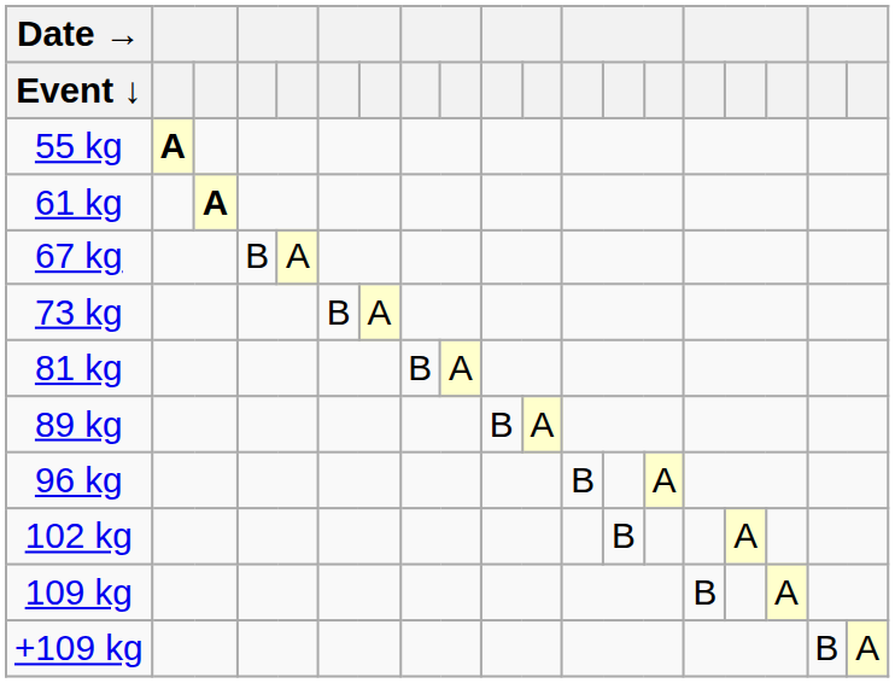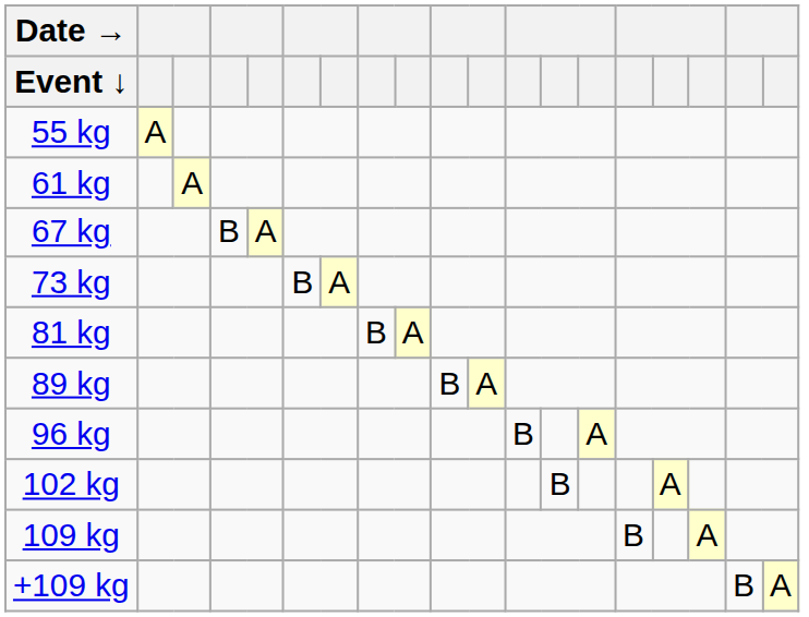 <table class="wikitable" style="text-align:center; font-size:92%">
 <tr>
 <th>Date →</th>
 <th colspan=2></th>
 <th colspan=2></th>
 <th colspan=2></th>
 <th colspan=2></th>
 <th colspan=2></th>
 <th colspan=3></th>
 <th colspan=3></th>
 <th colspan=2></th>
 </tr>
 <tr>
 <th>Event ↓</th>
 <th></th>
 <th></th>
 <th></th>
 <th></th>
 <th></th>
 <th></th>
 <th></th>
 <th></th>
 <th></th>
 <th></th>
 <th></th>
 <th></th>
 <th></th>
 <th></th>
 <th></th>
 <th></th>
 <th></th>
 <th></th>
 </tr>
 <tr>
 <td><a href='#'>55 kg</a></td>
-<td style="background-color:#ffffcc;"><strong>A</strong></td>
+<td style="background-color:#ffffcc;">A</td>
 <td></td>
 <td colspan=2></td>
 <td colspan=2></td>
 <td colspan=2></td>
 <td colspan=2></td>
 <td colspan=3></td>
 <td colspan=3></td>
 <td colspan=2></td>
 </tr>
 <tr>
 <td><a href='#'>61 kg</a></td>
 <td></td>
-<td style="background-color:#ffffcc;"><strong>A</strong></td>
+<td style="background-color:#ffffcc;">A</td>
 <td colspan=2></td>
 <td colspan=2></td>
 <td colspan=2></td>
 <td colspan=2></td>
 <td colspan=3></td>
 <td colspan=3></td>
 <td colspan=2></td>
 </tr>
 <tr>
 <td><a href='#'>67 kg</a></td>
 <td colspan=2></td>
 <td>B</td>
 <td style="background-color:#ffffcc;">A</td>
 <td colspan=2></td>
 <td colspan=2></td>
 <td colspan=2></td>
 <td colspan=3></td>
 <td colspan=3></td>
 <td colspan=2></td>
 </tr>
 <tr>
 <td><a href='#'>73 kg</a></td>
 <td colspan=2></td>
 <td colspan=2></td>
 <td>B</td>
 <td style="background-color:#ffffcc;">A</td>
 <td colspan=2></td>
 <td colspan=2></td>
 <td colspan=3></td>
 <td colspan=3></td>
 <td colspan=2></td>
 </tr>
 <tr>
 <td><a href='#'>81 kg</a></td>
 <td colspan=2></td>
 <td colspan=2></td>
 <td colspan=2></td>
 <td>B</td>
 <td style="background-color:#ffffcc;">A</td>
 <td colspan=2></td>
 <td colspan=3></td>
 <td colspan=3></td>
 <td colspan=2></td>
 </tr>
 <tr>
 <td><a href='#'>89 kg</a></td>
 <td colspan=2></td>
 <td colspan=2></td>
 <td colspan=2></td>
 <td colspan=2></td>
 <td>B</td>
 <td style="background-color:#ffffcc;">A</td>
 <td colspan=3></td>
 <td colspan=3></td>
 <td colspan=2></td>
 </tr>
 <tr>
 <td><a href='#'>96 kg</a></td>
 <td colspan=2></td>
 <td colspan=2></td>
 <td colspan=2></td>
 <td colspan=2></td>
 <td colspan=2></td>
 <td>B</td>
 <td></td>
 <td style="background-color:#ffffcc;">A</td>
 <td colspan=3></td>
 <td colspan=2></td>
 </tr>
 <tr>
 <td><a href='#'>102 kg</a></td>
 <td colspan=2></td>
 <td colspan=2></td>
 <td colspan=2></td>
 <td colspan=2></td>
 <td colspan=2></td>
 <td></td>
 <td>B</td>
 <td></td>
 <td></td>
 <td style="background-color:#ffffcc;">A</td>
 <td></td>
 <td colspan=2></td>
 </tr>
 <tr>
 <td><a href='#'>109 kg</a></td>
 <td colspan=2></td>
 <td colspan=2></td>
 <td colspan=2></td>
 <td colspan=2></td>
 <td colspan=2></td>
 <td colspan=3></td>
 <td>B</td>
 <td></td>
 <td style="background-color:#ffffcc;">A</td>
 <td colspan=2></td>
 </tr>
 <tr>
 <td><a href='#'>+109 kg</a></td>
 <td colspan=2></td>
 <td colspan=2></td>
 <td colspan=2></td>
 <td colspan=2></td>
 <td colspan=2></td>
 <td colspan=3></td>
 <td colspan=3></td>
 <td>B</td>
 <td style="background-color:#ffffcc;">A</td>
 </tr>
 </table>
